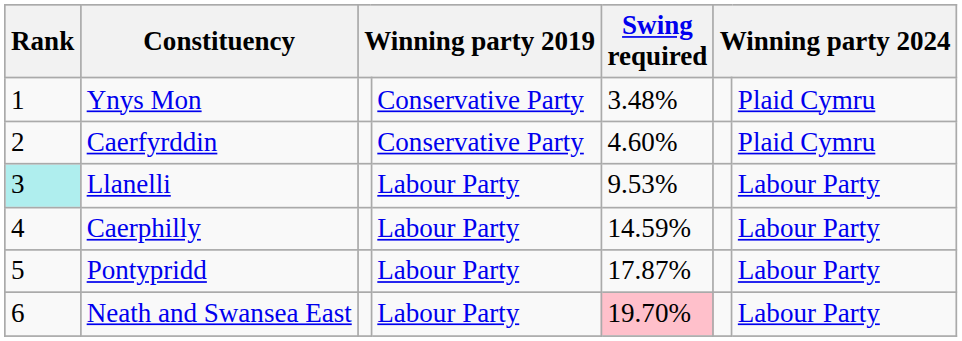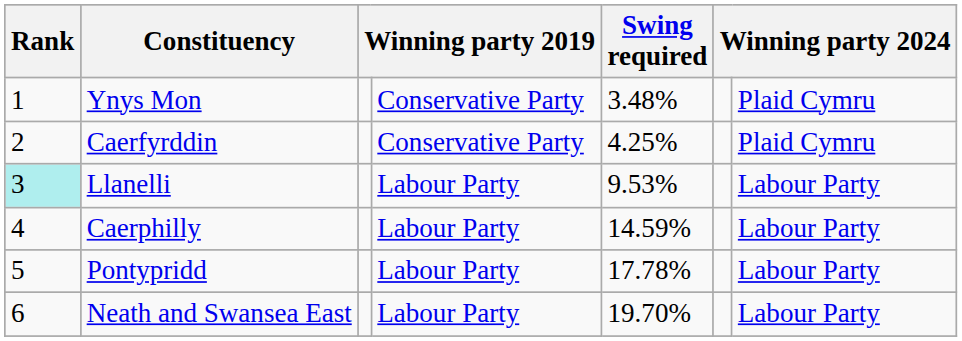 <table class="wikitable sortable">
 <tr>
 <th>Rank</th>
 <th>Constituency</th>
 <th colspan="2">Winning party 2019</th>
 <th><a href='#'>Swing</a> <br>required</th>
 <th colspan="2">Winning party 2024</th>
 </tr>
 <tr>
 <td>1</td>
 <td><a href='#'>Ynys Mon</a></td>
 <td class="unsortable" style="background-color: "></td>
 <td><a href='#'>Conservative Party</a></td>
 <td>3.48%</td>
 <td class="unsortable" style="background-color: "></td>
 <td><a href='#'>Plaid Cymru</a></td>
 </tr>
 <tr>
 <td>2</td>
 <td><a href='#'>Caerfyrddin</a></td>
 <td class="unsortable" style="background-color: "></td>
 <td><a href='#'>Conservative Party</a></td>
-<td>4.60%</td>
+<td>4.25%</td>
 <td class="unsortable" style="background-color: "></td>
 <td><a href='#'>Plaid Cymru</a></td>
 </tr>
 <tr>
 <td style="background: paleturquoise;">3</td>
 <td><a href='#'>Llanelli</a></td>
 <td class="unsortable" style="background-color: "></td>
 <td><a href='#'>Labour Party</a></td>
 <td>9.53%</td>
 <td class="unsortable" style="background-color: "></td>
 <td><a href='#'>Labour Party</a></td>
 </tr>
 <tr>
 <td>4</td>
 <td><a href='#'>Caerphilly</a></td>
 <td class="unsortable" style="background-color: "></td>
 <td><a href='#'>Labour Party</a></td>
 <td>14.59%</td>
 <td class="unsortable" style="background-color: "></td>
 <td><a href='#'>Labour Party</a></td>
 </tr>
 <tr>
 <td>5</td>
 <td><a href='#'>Pontypridd</a></td>
 <td class="unsortable" style="background-color: "></td>
 <td><a href='#'>Labour Party</a></td>
-<td>17.87%</td>
+<td>17.78%</td>
 <td class="unsortable" style="background-color: "></td>
 <td><a href='#'>Labour Party</a></td>
 </tr>
 <tr>
 <td>6</td>
 <td><a href='#'>Neath and Swansea East</a></td>
 <td class="unsortable" style="background-color: "></td>
 <td><a href='#'>Labour Party</a></td>
-<td style="background: pink;">19.70%</td>
+<td>19.70%</td>
 <td class="unsortable" style="background-color: "></td>
 <td><a href='#'>Labour Party</a></td>
 </tr>
 </table>
